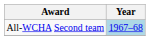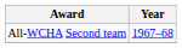 <table class="wikitable">
 <tr>
 <th>Award</th>
 <th>Year</th>
 </tr>
 <tr>
 <td>All-<a href='#'>WCHA</a> <a href='#'>Second team</a></td>
-<td style="background: lightblue;"><a href='#'>1967–68</a></td>
+<td><a href='#'>1967–68</a></td>
 </tr>
 <tr>
 </tr>
 </table>
